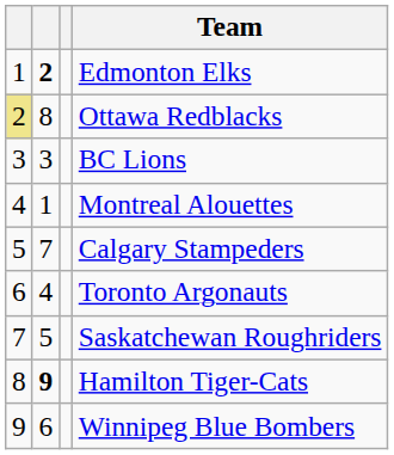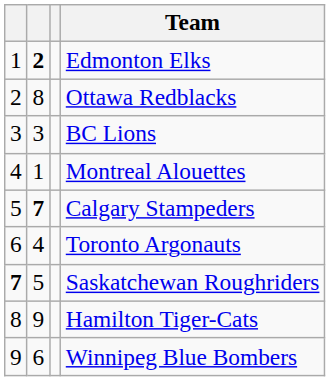 <table class="wikitable sortable">
 <tr>
 <th></th>
 <th></th>
 <th></th>
 <th>Team</th>
 </tr>
 <tr>
 <td style="text-align:center;">1</td>
 <td style="text-align:center;"><strong>2</strong></td>
 <td style="text-align:center;"></td>
 <td><a href='#'>Edmonton Elks</a></td>
 </tr>
 <tr>
-<td style="background: khaki; text-align:center;">2</td>
+<td style="text-align:center;">2</td>
 <td style="text-align:center;">8</td>
 <td style="text-align:center;"></td>
 <td><a href='#'>Ottawa Redblacks</a></td>
 </tr>
 <tr>
 <td style="text-align:center;">3</td>
 <td style="text-align:center;">3</td>
 <td style="text-align:center;"></td>
 <td><a href='#'>BC Lions</a></td>
 </tr>
 <tr>
 <td style="text-align:center;">4</td>
 <td style="text-align:center;">1</td>
 <td style="text-align:center;"></td>
 <td><a href='#'>Montreal Alouettes</a></td>
 </tr>
 <tr>
 <td style="text-align:center;">5</td>
-<td style="text-align:center;">7</td>
+<td style="text-align:center;"><strong>7</strong></td>
 <td style="text-align:center;"></td>
 <td><a href='#'>Calgary Stampeders</a></td>
 </tr>
 <tr>
 <td style="text-align:center;">6</td>
 <td style="text-align:center;">4</td>
 <td style="text-align:center;"></td>
 <td><a href='#'>Toronto Argonauts</a></td>
 </tr>
 <tr>
-<td style="text-align:center;">7</td>
+<td style="text-align:center;"><strong>7</strong></td>
 <td style="text-align:center;">5</td>
 <td style="text-align:center;"></td>
 <td><a href='#'>Saskatchewan Roughriders</a></td>
 </tr>
 <tr>
 <td style="text-align:center;">8</td>
-<td style="text-align:center;"><strong>9</strong></td>
+<td style="text-align:center;">9</td>
 <td style="text-align:center;"></td>
 <td><a href='#'>Hamilton Tiger-Cats</a></td>
 </tr>
 <tr>
 <td style="text-align:center;">9</td>
 <td style="text-align:center;">6</td>
 <td style="text-align:center;"></td>
 <td><a href='#'>Winnipeg Blue Bombers</a></td>
 </tr>
 </table>
